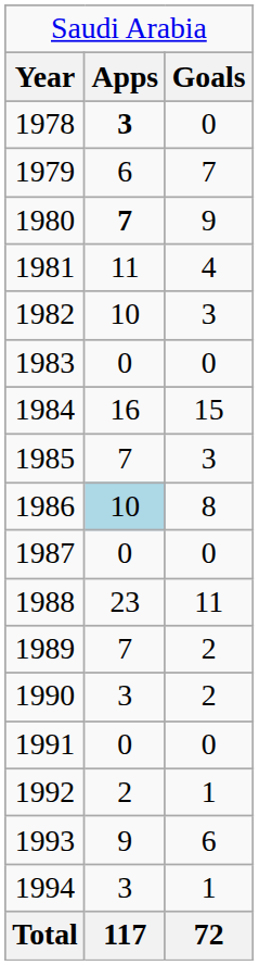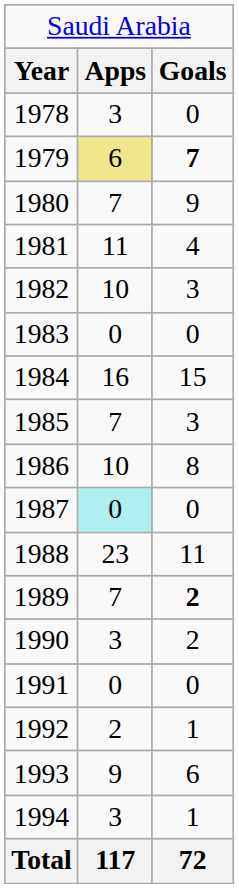 <table class="wikitable" style="text-align:center">
 <tr>
 <td colspan=3><a href='#'>Saudi Arabia</a></td>
 </tr>
 <tr>
 <th>Year</th>
 <th>Apps</th>
 <th>Goals</th>
 </tr>
 <tr>
 <td>1978</td>
-<td><strong>3</strong></td>
+<td>3</td>
 <td>0</td>
 </tr>
 <tr>
 <td>1979</td>
-<td>6</td>
-<td>7</td>
+<td style="background: khaki;">6</td>
+<td><strong>7</strong></td>
 </tr>
 <tr>
 <td>1980</td>
-<td><strong>7</strong></td>
+<td>7</td>
 <td>9</td>
 </tr>
 <tr>
 <td>1981</td>
 <td>11</td>
 <td>4</td>
 </tr>
 <tr>
 <td>1982</td>
 <td>10</td>
 <td>3</td>
 </tr>
 <tr>
 <td>1983</td>
 <td>0</td>
 <td>0</td>
 </tr>
 <tr>
 <td>1984</td>
 <td>16</td>
 <td>15</td>
 </tr>
 <tr>
 <td>1985</td>
 <td>7</td>
 <td>3</td>
 </tr>
 <tr>
 <td>1986</td>
-<td style="background: lightblue;">10</td>
+<td>10</td>
 <td>8</td>
 </tr>
 <tr>
 <td>1987</td>
-<td>0</td>
+<td style="background: paleturquoise;">0</td>
 <td>0</td>
 </tr>
 <tr>
 <td>1988</td>
 <td>23</td>
 <td>11</td>
 </tr>
 <tr>
 <td>1989</td>
 <td>7</td>
-<td>2</td>
+<td><strong>2</strong></td>
 </tr>
 <tr>
 <td>1990</td>
 <td>3</td>
 <td>2</td>
 </tr>
 <tr>
 <td>1991</td>
 <td>0</td>
 <td>0</td>
 </tr>
 <tr>
 <td>1992</td>
 <td>2</td>
 <td>1</td>
 </tr>
 <tr>
 <td>1993</td>
 <td>9</td>
 <td>6</td>
 </tr>
 <tr>
 <td>1994</td>
 <td>3</td>
 <td>1</td>
 </tr>
 <tr>
 <th>Total</th>
 <th>117</th>
 <th>72</th>
 </tr>
 </table>
